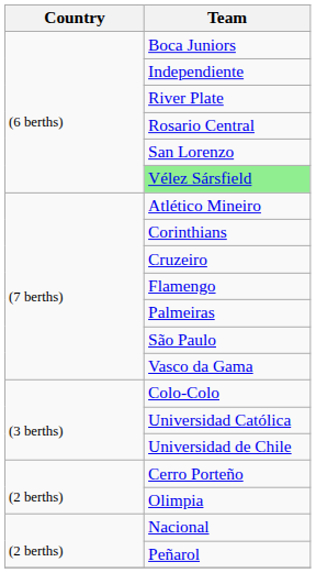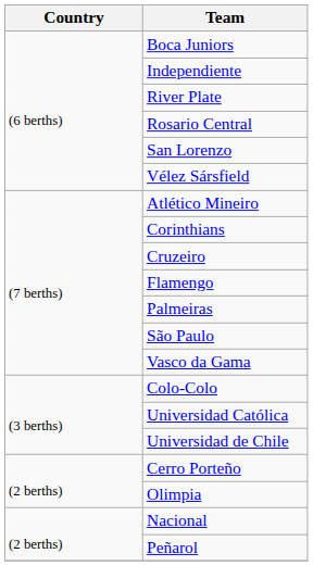 <table class="wikitable">
 <tr>
 <th width=125>Country</th>
 <th width=150>Team</th>
 </tr>
 <tr>
 <td rowspan="6"><br><small>(6 berths)</small></td>
 <td><a href='#'>Boca Juniors</a></td>
 </tr>
 <tr>
 <td><a href='#'>Independiente</a></td>
 </tr>
 <tr>
 <td><a href='#'>River Plate</a></td>
 </tr>
 <tr>
 <td><a href='#'>Rosario Central</a></td>
 </tr>
 <tr>
 <td><a href='#'>San Lorenzo</a></td>
 </tr>
 <tr>
-<td style="background: lightgreen;"><a href='#'>Vélez Sársfield</a></td>
+<td><a href='#'>Vélez Sársfield</a></td>
 </tr>
 <tr>
 <td rowspan="7"><br><small>(7 berths)</small></td>
 <td><a href='#'>Atlético Mineiro</a></td>
 </tr>
 <tr>
 <td><a href='#'>Corinthians</a></td>
 </tr>
 <tr>
 <td><a href='#'>Cruzeiro</a></td>
 </tr>
 <tr>
 <td><a href='#'>Flamengo</a></td>
 </tr>
 <tr>
 <td><a href='#'>Palmeiras</a></td>
 </tr>
 <tr>
 <td><a href='#'>São Paulo</a></td>
 </tr>
 <tr>
 <td><a href='#'>Vasco da Gama</a></td>
 </tr>
 <tr>
 <td rowspan="3"><br><small>(3 berths)</small></td>
 <td><a href='#'>Colo-Colo</a></td>
 </tr>
 <tr>
 <td><a href='#'>Universidad Católica</a></td>
 </tr>
 <tr>
 <td><a href='#'>Universidad de Chile</a></td>
 </tr>
 <tr>
 <td rowspan="2"><br><small>(2 berths)</small></td>
 <td><a href='#'>Cerro Porteño</a></td>
 </tr>
 <tr>
 <td><a href='#'>Olimpia</a></td>
 </tr>
 <tr>
 <td rowspan="2"><br><small>(2 berths)</small></td>
 <td><a href='#'>Nacional</a></td>
 </tr>
 <tr>
 <td><a href='#'>Peñarol</a></td>
 </tr>
 <tr>
 </tr>
 </table>
